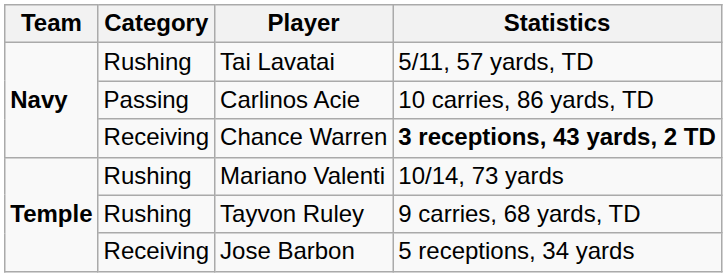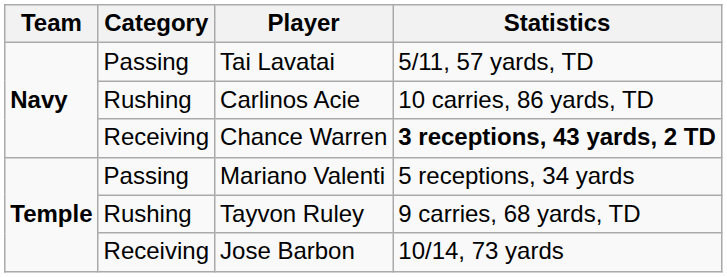 <table class="wikitable" style="float: left;">
 <tr>
 <th>Team</th>
 <th>Category</th>
 <th>Player</th>
 <th>Statistics</th>
 </tr>
 <tr>
 <td rowspan=3><strong>Navy</strong></td>
-<td>Rushing</td>
+<td>Passing</td>
 <td>Tai Lavatai</td>
 <td>5/11, 57 yards, TD</td>
 </tr>
 <tr>
-<td>Passing</td>
+<td>Rushing</td>
 <td>Carlinos Acie</td>
 <td>10 carries, 86 yards, TD</td>
 </tr>
 <tr>
 <td>Receiving</td>
 <td>Chance Warren</td>
 <td><strong>3 receptions, 43 yards, 2 TD</strong></td>
 </tr>
 <tr>
 <td rowspan=3><strong>Temple</strong></td>
-<td>Rushing</td>
+<td>Passing</td>
 <td>Mariano Valenti</td>
-<td>10/14, 73 yards</td>
+<td>5 receptions, 34 yards</td>
 </tr>
 <tr>
 <td>Rushing</td>
 <td>Tayvon Ruley</td>
 <td>9 carries, 68 yards, TD</td>
 </tr>
 <tr>
 <td>Receiving</td>
 <td>Jose Barbon</td>
-<td>5 receptions, 34 yards</td>
+<td>10/14, 73 yards</td>
 </tr>
 </table>
